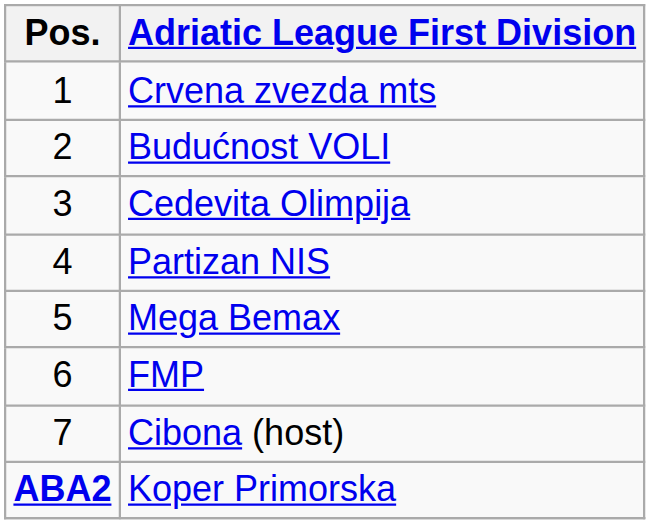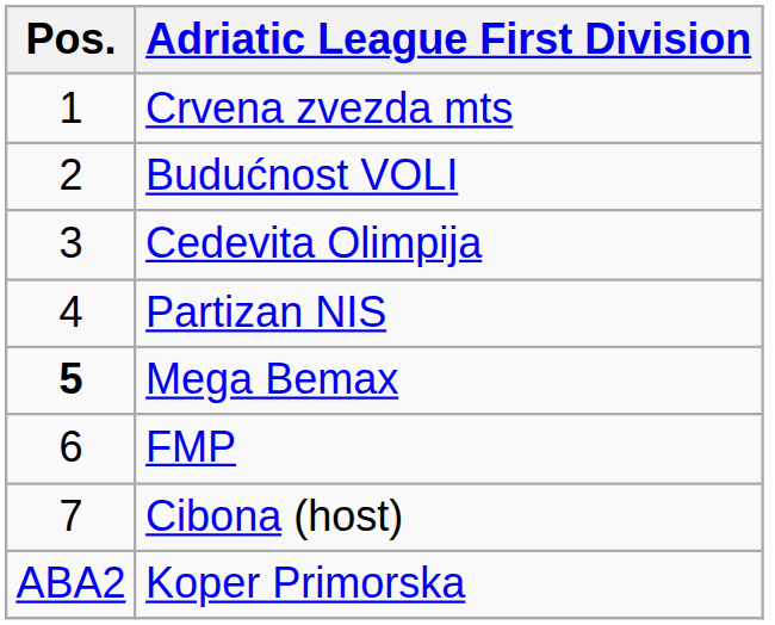 <table class=wikitable>
 <tr>
 <th>Pos.</th>
 <th><a href='#'>Adriatic League First Division</a></th>
 </tr>
 <tr>
 <td align=center>1</td>
 <td> <a href='#'>Crvena zvezda mts</a></td>
 </tr>
 <tr>
 <td align=center>2</td>
 <td> <a href='#'>Budućnost VOLI</a></td>
 </tr>
 <tr>
 <td align=center>3</td>
 <td> <a href='#'>Cedevita Olimpija</a></td>
 </tr>
 <tr>
 <td align=center>4</td>
 <td> <a href='#'>Partizan NIS</a></td>
 </tr>
 <tr>
-<td align=center>5</td>
+<td align=center><strong>5</strong></td>
 <td> <a href='#'>Mega Bemax</a></td>
 </tr>
 <tr>
 <td align=center>6</td>
 <td> <a href='#'>FMP</a></td>
 </tr>
 <tr>
 <td align=center>7</td>
 <td> <a href='#'>Cibona</a> (host)</td>
 </tr>
 <tr>
-<td align=center><strong><a href='#'>ABA2</a></strong></td>
+<td align=center><a href='#'>ABA2</a></td>
 <td> <a href='#'>Koper Primorska</a></td>
 </tr>
 <tr>
 </tr>
 </table>
